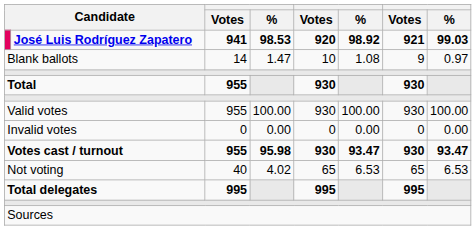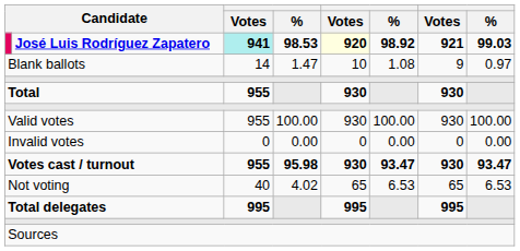 <table class="wikitable" style="text-align:right;">
 <tr>
 <th rowspan="2" colspan="2" width="250">Candidate</th>
 <th colspan="2"></th>
 <th colspan="2"></th>
 <th colspan="2"></th>
 </tr>
 <tr>
 <th width="50">Votes</th>
 <th width="45">%</th>
 <th width="50">Votes</th>
 <th width="45">%</th>
 <th width="50">Votes</th>
 <th width="45">%</th>
 </tr>
 <tr>
 <td width="1" style="color:inherit;background:#E3035F"></td>
 <td align="left"><strong><a href='#'>José Luis Rodríguez Zapatero</a></strong></td>
-<td><strong>941</strong></td>
+<td style="background: paleturquoise;"><strong>941</strong></td>
 <td><strong>98.53</strong></td>
-<td><strong>920</strong></td>
+<td style="background: lightyellow;"><strong>920</strong></td>
 <td><strong>98.92</strong></td>
 <td><strong>921</strong></td>
 <td><strong>99.03</strong></td>
 </tr>
 <tr>
 <td align="left" colspan="2">Blank ballots</td>
 <td>14</td>
 <td>1.47</td>
 <td>10</td>
 <td>1.08</td>
 <td>9</td>
 <td>0.97</td>
 </tr>
 <tr>
 <td colspan="8" bgcolor="#E9E9E9"></td>
 </tr>
 <tr style="font-weight:bold;">
 <td align="left" colspan="2">Total</td>
 <td>955</td>
 <td bgcolor="#E9E9E9"></td>
 <td>930</td>
 <td bgcolor="#E9E9E9"></td>
 <td>930</td>
 <td bgcolor="#E9E9E9"></td>
 </tr>
 <tr>
 <td colspan="8" bgcolor="#E9E9E9"></td>
 </tr>
 <tr>
 <td align="left" colspan="2">Valid votes</td>
 <td>955</td>
 <td>100.00</td>
 <td>930</td>
 <td>100.00</td>
 <td>930</td>
 <td>100.00</td>
 </tr>
 <tr>
 <td align="left" colspan="2">Invalid votes</td>
 <td>0</td>
 <td>0.00</td>
 <td>0</td>
 <td>0.00</td>
 <td>0</td>
 <td>0.00</td>
 </tr>
 <tr style="font-weight:bold;">
 <td align="left" colspan="2">Votes cast / turnout</td>
 <td>955</td>
 <td>95.98</td>
 <td>930</td>
 <td>93.47</td>
 <td>930</td>
 <td>93.47</td>
 </tr>
 <tr>
 <td align="left" colspan="2">Not voting</td>
 <td>40</td>
 <td>4.02</td>
 <td>65</td>
 <td>6.53</td>
 <td>65</td>
 <td>6.53</td>
 </tr>
 <tr style="font-weight:bold;">
 <td align="left" colspan="2">Total delegates</td>
 <td>995</td>
 <td bgcolor="#E9E9E9"></td>
 <td>995</td>
 <td bgcolor="#E9E9E9"></td>
 <td>995</td>
 <td bgcolor="#E9E9E9"></td>
 </tr>
 <tr>
 <td colspan="8" bgcolor="#E9E9E9"></td>
 </tr>
 <tr>
 <td align="left" colspan="8">Sources</td>
 </tr>
 </table>
